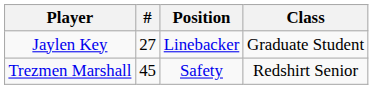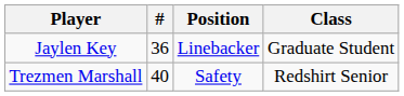 <table class="wikitable sortable" style="text-align:center">
 <tr>
 <th>Player</th>
 <th>#</th>
 <th>Position</th>
 <th>Class</th>
 </tr>
 <tr>
 <td><a href='#'>Jaylen Key</a></td>
-<td>27</td>
+<td>36</td>
 <td><a href='#'>Linebacker</a></td>
 <td>Graduate Student</td>
 </tr>
 <tr>
 <td><a href='#'>Trezmen Marshall</a></td>
-<td>45</td>
+<td>40</td>
 <td><a href='#'>Safety</a></td>
 <td>Redshirt Senior</td>
 </tr>
 </table>
